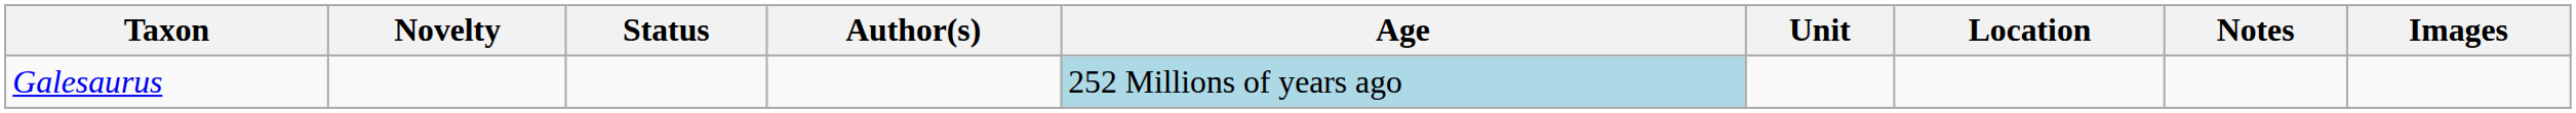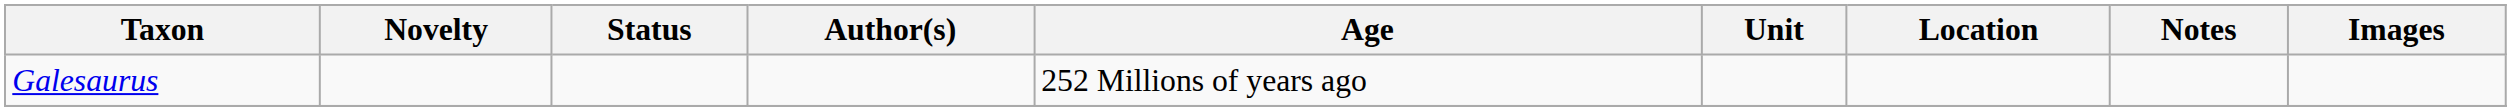 <table class="wikitable sortable" align="center" width="100%">
 <tr>
 <th>Taxon</th>
 <th>Novelty</th>
 <th>Status</th>
 <th>Author(s)</th>
 <th>Age</th>
 <th>Unit</th>
 <th>Location</th>
 <th>Notes</th>
 <th>Images</th>
 </tr>
 <tr>
 <td><em><a href='#'>Galesaurus</a></em></td>
 <td></td>
 <td></td>
 <td></td>
-<td style="background: lightblue;">252 Millions of years ago</td>
+<td>252 Millions of years ago</td>
 <td></td>
 <td></td>
 <td></td>
 <td></td>
 </tr>
 <tr>
 </tr>
 </table>
